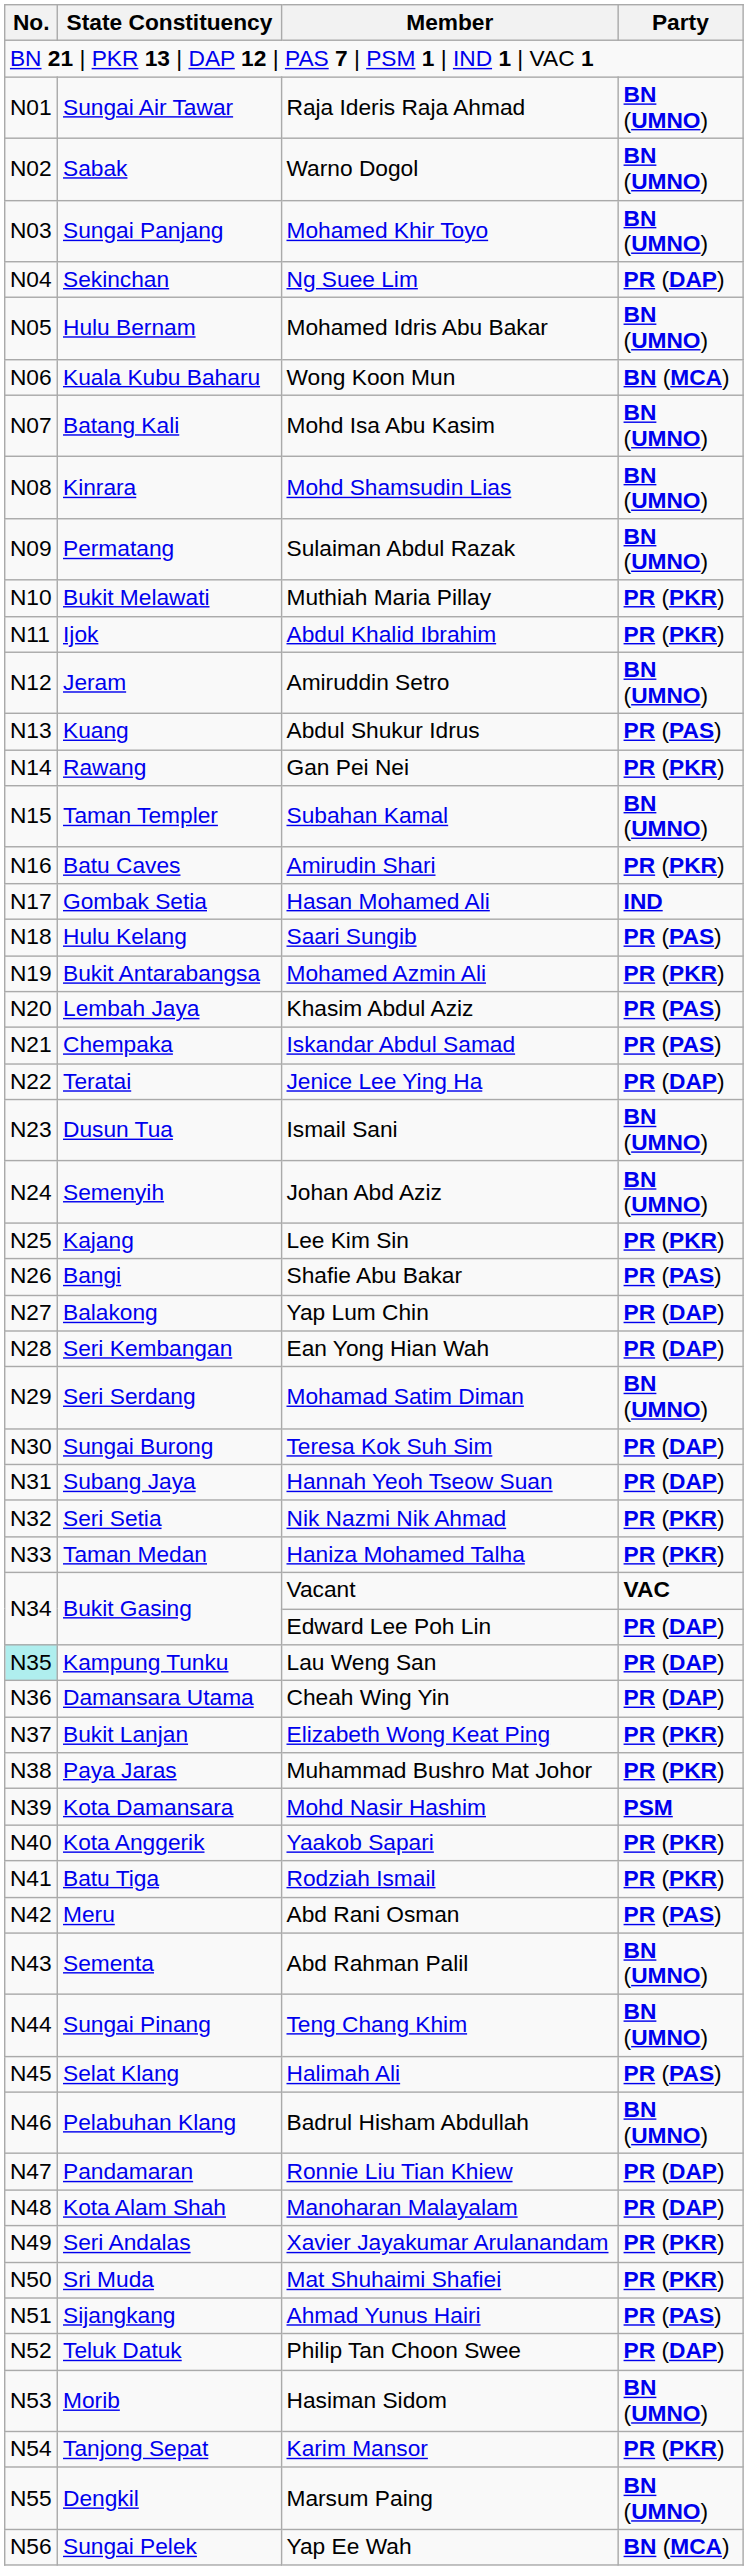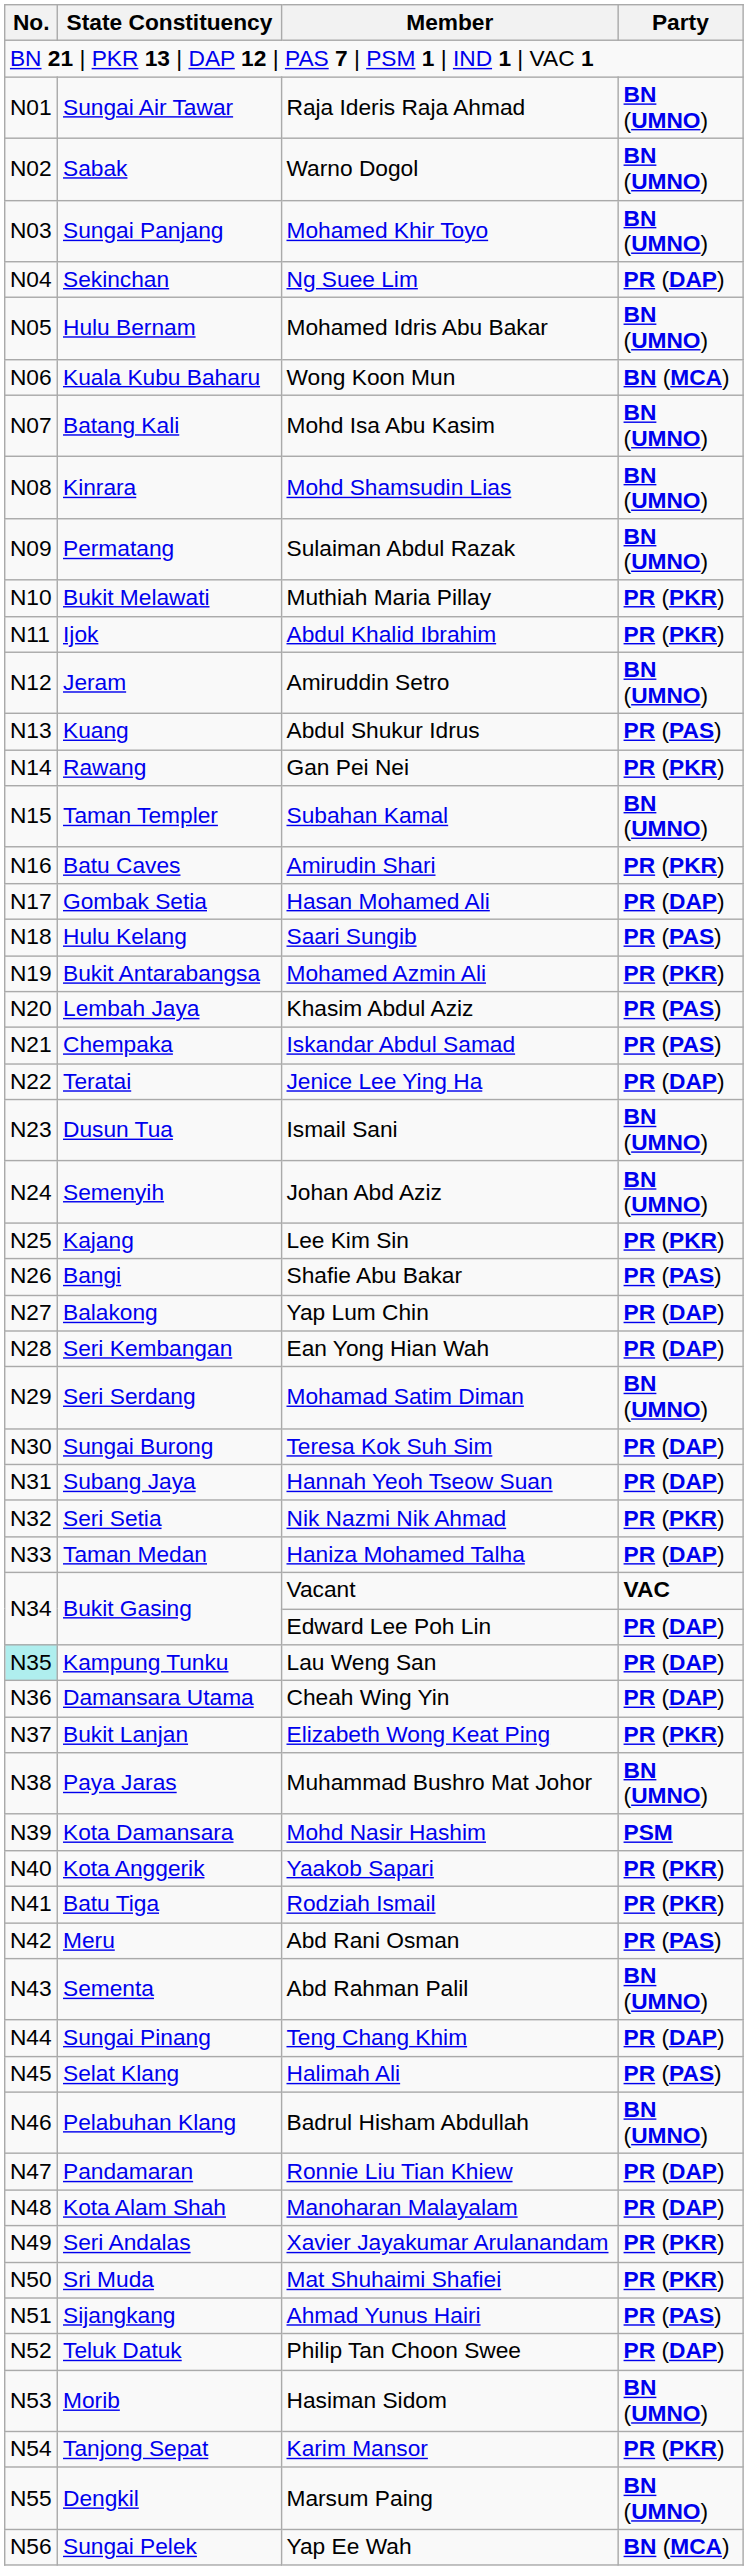 <table class="wikitable sortable">
 <tr>
 <th style="width:30px;">No.</th>
 <th style="width:150px;">State Constituency</th>
 <th style="width:230px;">Member</th>
 <th style="width:80px;">Party</th>
 </tr>
 <tr>
 <td colspan="4"><a href='#'>BN</a> <strong>21</strong> | <a href='#'>PKR</a> <strong>13</strong> | <a href='#'>DAP</a> <strong>12</strong> | <a href='#'>PAS</a> <strong>7</strong> | <a href='#'>PSM</a> <strong>1</strong> | <a href='#'>IND</a> <strong>1</strong> | VAC <strong>1</strong></td>
 </tr>
 <tr>
 <td>N01</td>
 <td><a href='#'>Sungai Air Tawar</a></td>
 <td>Raja Ideris Raja Ahmad</td>
 <td><strong><a href='#'>BN</a></strong> (<strong><a href='#'>UMNO</a></strong>)</td>
 </tr>
 <tr>
 <td>N02</td>
 <td><a href='#'>Sabak</a></td>
 <td>Warno Dogol</td>
 <td><strong><a href='#'>BN</a></strong> (<strong><a href='#'>UMNO</a></strong>)</td>
 </tr>
 <tr>
 <td>N03</td>
 <td><a href='#'>Sungai Panjang</a></td>
 <td><a href='#'>Mohamed Khir Toyo</a></td>
 <td><strong><a href='#'>BN</a></strong> (<strong><a href='#'>UMNO</a></strong>)</td>
 </tr>
 <tr>
 <td>N04</td>
 <td><a href='#'>Sekinchan</a></td>
 <td><a href='#'>Ng Suee Lim</a></td>
 <td><strong><a href='#'>PR</a></strong> (<strong><a href='#'>DAP</a></strong>)</td>
 </tr>
 <tr>
 <td>N05</td>
 <td><a href='#'>Hulu Bernam</a></td>
 <td>Mohamed Idris Abu Bakar</td>
 <td><strong><a href='#'>BN</a></strong> (<strong><a href='#'>UMNO</a></strong>)</td>
 </tr>
 <tr>
 <td>N06</td>
 <td><a href='#'>Kuala Kubu Baharu</a></td>
 <td>Wong Koon Mun</td>
 <td><strong><a href='#'>BN</a></strong> (<strong><a href='#'>MCA</a></strong>)</td>
 </tr>
 <tr>
 <td>N07</td>
 <td><a href='#'>Batang Kali</a></td>
 <td>Mohd Isa Abu Kasim</td>
 <td><strong><a href='#'>BN</a></strong> (<strong><a href='#'>UMNO</a></strong>)</td>
 </tr>
 <tr>
 <td>N08</td>
 <td><a href='#'>Kinrara</a></td>
 <td><a href='#'>Mohd Shamsudin Lias</a></td>
 <td><strong><a href='#'>BN</a></strong> (<strong><a href='#'>UMNO</a></strong>)</td>
 </tr>
 <tr>
 <td>N09</td>
 <td><a href='#'>Permatang</a></td>
 <td>Sulaiman Abdul Razak</td>
 <td><strong><a href='#'>BN</a></strong> (<strong><a href='#'>UMNO</a></strong>)</td>
 </tr>
 <tr>
 <td>N10</td>
 <td><a href='#'>Bukit Melawati</a></td>
 <td>Muthiah Maria Pillay</td>
 <td><strong><a href='#'>PR</a></strong> (<strong><a href='#'>PKR</a></strong>)</td>
 </tr>
 <tr>
 <td>N11</td>
 <td><a href='#'>Ijok</a></td>
 <td><a href='#'>Abdul Khalid Ibrahim</a></td>
 <td><strong><a href='#'>PR</a></strong> (<strong><a href='#'>PKR</a></strong>)</td>
 </tr>
 <tr>
 <td>N12</td>
 <td><a href='#'>Jeram</a></td>
 <td>Amiruddin Setro</td>
 <td><strong><a href='#'>BN</a></strong> (<strong><a href='#'>UMNO</a></strong>)</td>
 </tr>
 <tr>
 <td>N13</td>
 <td><a href='#'>Kuang</a></td>
 <td>Abdul Shukur Idrus</td>
 <td><strong><a href='#'>PR</a></strong> (<strong><a href='#'>PAS</a></strong>)</td>
 </tr>
 <tr>
 <td>N14</td>
 <td><a href='#'>Rawang</a></td>
 <td>Gan Pei Nei</td>
 <td><strong><a href='#'>PR</a></strong> (<strong><a href='#'>PKR</a></strong>)</td>
 </tr>
 <tr>
 <td>N15</td>
 <td><a href='#'>Taman Templer</a></td>
 <td><a href='#'>Subahan Kamal</a></td>
 <td><strong><a href='#'>BN</a></strong> (<strong><a href='#'>UMNO</a></strong>)</td>
 </tr>
 <tr>
 <td>N16</td>
 <td><a href='#'>Batu Caves</a></td>
 <td><a href='#'>Amirudin Shari</a></td>
 <td><strong><a href='#'>PR</a></strong> (<strong><a href='#'>PKR</a></strong>)</td>
 </tr>
 <tr>
 <td>N17</td>
 <td><a href='#'>Gombak Setia</a></td>
 <td><a href='#'>Hasan Mohamed Ali</a></td>
-<td><strong><a href='#'>IND</a></strong></td>
+<td><strong><a href='#'>PR</a></strong> (<strong><a href='#'>DAP</a></strong>)</td>
 </tr>
 <tr>
 <td>N18</td>
 <td><a href='#'>Hulu Kelang</a></td>
 <td><a href='#'>Saari Sungib</a></td>
 <td><strong><a href='#'>PR</a></strong> (<strong><a href='#'>PAS</a></strong>)</td>
 </tr>
 <tr>
 <td>N19</td>
 <td><a href='#'>Bukit Antarabangsa</a></td>
 <td><a href='#'>Mohamed Azmin Ali</a></td>
 <td><strong><a href='#'>PR</a></strong> (<strong><a href='#'>PKR</a></strong>)</td>
 </tr>
 <tr>
 <td>N20</td>
 <td><a href='#'>Lembah Jaya</a></td>
 <td>Khasim Abdul Aziz</td>
 <td><strong><a href='#'>PR</a></strong> (<strong><a href='#'>PAS</a></strong>)</td>
 </tr>
 <tr>
 <td>N21</td>
 <td><a href='#'>Chempaka</a></td>
 <td><a href='#'>Iskandar Abdul Samad</a></td>
 <td><strong><a href='#'>PR</a></strong> (<strong><a href='#'>PAS</a></strong>)</td>
 </tr>
 <tr>
 <td>N22</td>
 <td><a href='#'>Teratai</a></td>
 <td><a href='#'>Jenice Lee Ying Ha</a></td>
 <td><strong><a href='#'>PR</a></strong> (<strong><a href='#'>DAP</a></strong>)</td>
 </tr>
 <tr>
 <td>N23</td>
 <td><a href='#'>Dusun Tua</a></td>
 <td>Ismail Sani</td>
 <td><strong><a href='#'>BN</a></strong> (<strong><a href='#'>UMNO</a></strong>)</td>
 </tr>
 <tr>
 <td>N24</td>
 <td><a href='#'>Semenyih</a></td>
 <td>Johan Abd Aziz</td>
 <td><strong><a href='#'>BN</a></strong> (<strong><a href='#'>UMNO</a></strong>)</td>
 </tr>
 <tr>
 <td>N25</td>
 <td><a href='#'>Kajang</a></td>
 <td>Lee Kim Sin</td>
 <td><strong><a href='#'>PR</a></strong> (<strong><a href='#'>PKR</a></strong>)</td>
 </tr>
 <tr>
 <td>N26</td>
 <td><a href='#'>Bangi</a></td>
 <td>Shafie Abu Bakar</td>
 <td><strong><a href='#'>PR</a></strong> (<strong><a href='#'>PAS</a></strong>)</td>
 </tr>
 <tr>
 <td>N27</td>
 <td><a href='#'>Balakong</a></td>
 <td>Yap Lum Chin</td>
 <td><strong><a href='#'>PR</a></strong> (<strong><a href='#'>DAP</a></strong>)</td>
 </tr>
 <tr>
 <td>N28</td>
 <td><a href='#'>Seri Kembangan</a></td>
 <td>Ean Yong Hian Wah</td>
 <td><strong><a href='#'>PR</a></strong> (<strong><a href='#'>DAP</a></strong>)</td>
 </tr>
 <tr>
 <td>N29</td>
 <td><a href='#'>Seri Serdang</a></td>
 <td><a href='#'>Mohamad Satim Diman</a></td>
 <td><strong><a href='#'>BN</a></strong> (<strong><a href='#'>UMNO</a></strong>)</td>
 </tr>
 <tr>
 <td>N30</td>
 <td><a href='#'>Sungai Burong</a></td>
 <td><a href='#'>Teresa Kok Suh Sim</a></td>
 <td><strong><a href='#'>PR</a></strong> (<strong><a href='#'>DAP</a></strong>)</td>
 </tr>
 <tr>
 <td>N31</td>
 <td><a href='#'>Subang Jaya</a></td>
 <td><a href='#'>Hannah Yeoh Tseow Suan</a></td>
 <td><strong><a href='#'>PR</a></strong> (<strong><a href='#'>DAP</a></strong>)</td>
 </tr>
 <tr>
 <td>N32</td>
 <td><a href='#'>Seri Setia</a></td>
 <td><a href='#'>Nik Nazmi Nik Ahmad</a></td>
 <td><strong><a href='#'>PR</a></strong> (<strong><a href='#'>PKR</a></strong>)</td>
 </tr>
 <tr>
 <td>N33</td>
 <td><a href='#'>Taman Medan</a></td>
 <td><a href='#'>Haniza Mohamed Talha</a></td>
-<td><strong><a href='#'>PR</a></strong> (<strong><a href='#'>PKR</a></strong>)</td>
+<td><strong><a href='#'>PR</a></strong> (<strong><a href='#'>DAP</a></strong>)</td>
 </tr>
 <tr>
 <td rowspan=2>N34</td>
 <td rowspan=2><a href='#'>Bukit Gasing</a></td>
 <td>Vacant </td>
 <td><strong>VAC</strong></td>
 </tr>
 <tr>
 <td>Edward Lee Poh Lin </td>
 <td><strong><a href='#'>PR</a></strong> (<strong><a href='#'>DAP</a></strong>)</td>
 </tr>
 <tr>
 <td style="background: paleturquoise;">N35</td>
 <td><a href='#'>Kampung Tunku</a></td>
 <td>Lau Weng San</td>
 <td><strong><a href='#'>PR</a></strong> (<strong><a href='#'>DAP</a></strong>)</td>
 </tr>
 <tr>
 <td>N36</td>
 <td><a href='#'>Damansara Utama</a></td>
 <td>Cheah Wing Yin</td>
 <td><strong><a href='#'>PR</a></strong> (<strong><a href='#'>DAP</a></strong>)</td>
 </tr>
 <tr>
 <td>N37</td>
 <td><a href='#'>Bukit Lanjan</a></td>
 <td><a href='#'>Elizabeth Wong Keat Ping</a></td>
 <td><strong><a href='#'>PR</a></strong> (<strong><a href='#'>PKR</a></strong>)</td>
 </tr>
 <tr>
 <td>N38</td>
 <td><a href='#'>Paya Jaras</a></td>
 <td>Muhammad Bushro Mat Johor</td>
-<td><strong><a href='#'>PR</a></strong> (<strong><a href='#'>PKR</a></strong>)</td>
+<td><strong><a href='#'>BN</a></strong> (<strong><a href='#'>UMNO</a></strong>)</td>
 </tr>
 <tr>
 <td>N39</td>
 <td><a href='#'>Kota Damansara</a></td>
 <td><a href='#'>Mohd Nasir Hashim</a></td>
 <td><strong><a href='#'>PSM</a></strong></td>
 </tr>
 <tr>
 <td>N40</td>
 <td><a href='#'>Kota Anggerik</a></td>
 <td><a href='#'>Yaakob Sapari</a></td>
 <td><strong><a href='#'>PR</a></strong> (<strong><a href='#'>PKR</a></strong>)</td>
 </tr>
 <tr>
 <td>N41</td>
 <td><a href='#'>Batu Tiga</a></td>
 <td><a href='#'>Rodziah Ismail</a></td>
 <td><strong><a href='#'>PR</a></strong> (<strong><a href='#'>PKR</a></strong>)</td>
 </tr>
 <tr>
 <td>N42</td>
 <td><a href='#'>Meru</a></td>
 <td>Abd Rani Osman</td>
 <td><strong><a href='#'>PR</a></strong> (<strong><a href='#'>PAS</a></strong>)</td>
 </tr>
 <tr>
 <td>N43</td>
 <td><a href='#'>Sementa</a></td>
 <td>Abd Rahman Palil</td>
 <td><strong><a href='#'>BN</a></strong> (<strong><a href='#'>UMNO</a></strong>)</td>
 </tr>
 <tr>
 <td>N44</td>
 <td><a href='#'>Sungai Pinang</a></td>
 <td><a href='#'>Teng Chang Khim</a></td>
-<td><strong><a href='#'>BN</a></strong> (<strong><a href='#'>UMNO</a></strong>)</td>
+<td><strong><a href='#'>PR</a></strong> (<strong><a href='#'>DAP</a></strong>)</td>
 </tr>
 <tr>
 <td>N45</td>
 <td><a href='#'>Selat Klang</a></td>
 <td><a href='#'>Halimah Ali</a></td>
 <td><strong><a href='#'>PR</a></strong> (<strong><a href='#'>PAS</a></strong>)</td>
 </tr>
 <tr>
 <td>N46</td>
 <td><a href='#'>Pelabuhan Klang</a></td>
 <td>Badrul Hisham Abdullah</td>
 <td><strong><a href='#'>BN</a></strong> (<strong><a href='#'>UMNO</a></strong>)</td>
 </tr>
 <tr>
 <td>N47</td>
 <td><a href='#'>Pandamaran</a></td>
 <td><a href='#'>Ronnie Liu Tian Khiew</a></td>
 <td><strong><a href='#'>PR</a></strong> (<strong><a href='#'>DAP</a></strong>)</td>
 </tr>
 <tr>
 <td>N48</td>
 <td><a href='#'>Kota Alam Shah</a></td>
 <td><a href='#'>Manoharan Malayalam</a></td>
 <td><strong><a href='#'>PR</a></strong> (<strong><a href='#'>DAP</a></strong>)</td>
 </tr>
 <tr>
 <td>N49</td>
 <td><a href='#'>Seri Andalas</a></td>
 <td><a href='#'>Xavier Jayakumar Arulanandam</a></td>
 <td><strong><a href='#'>PR</a></strong> (<strong><a href='#'>PKR</a></strong>)</td>
 </tr>
 <tr>
 <td>N50</td>
 <td><a href='#'>Sri Muda</a></td>
 <td><a href='#'>Mat Shuhaimi Shafiei</a></td>
 <td><strong><a href='#'>PR</a></strong> (<strong><a href='#'>PKR</a></strong>)</td>
 </tr>
 <tr>
 <td>N51</td>
 <td><a href='#'>Sijangkang</a></td>
 <td><a href='#'>Ahmad Yunus Hairi</a></td>
 <td><strong><a href='#'>PR</a></strong> (<strong><a href='#'>PAS</a></strong>)</td>
 </tr>
 <tr>
 <td>N52</td>
 <td><a href='#'>Teluk Datuk</a></td>
 <td>Philip Tan Choon Swee</td>
 <td><strong><a href='#'>PR</a></strong> (<strong><a href='#'>DAP</a></strong>)</td>
 </tr>
 <tr>
 <td>N53</td>
 <td><a href='#'>Morib</a></td>
 <td>Hasiman Sidom</td>
 <td><strong><a href='#'>BN</a></strong> (<strong><a href='#'>UMNO</a></strong>)</td>
 </tr>
 <tr>
 <td>N54</td>
 <td><a href='#'>Tanjong Sepat</a></td>
 <td><a href='#'>Karim Mansor</a></td>
 <td><strong><a href='#'>PR</a></strong> (<strong><a href='#'>PKR</a></strong>)</td>
 </tr>
 <tr>
 <td>N55</td>
 <td><a href='#'>Dengkil</a></td>
 <td>Marsum Paing</td>
 <td><strong><a href='#'>BN</a></strong> (<strong><a href='#'>UMNO</a></strong>)</td>
 </tr>
 <tr>
 <td>N56</td>
 <td><a href='#'>Sungai Pelek</a></td>
 <td>Yap Ee Wah</td>
 <td><strong><a href='#'>BN</a></strong> (<strong><a href='#'>MCA</a></strong>)</td>
 </tr>
 </table>
